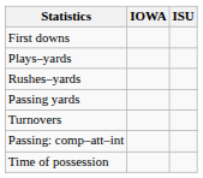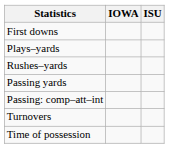 <table class="wikitable" style="float:left">
 <tr>
 <th>Statistics</th>
 <th>IOWA</th>
 <th>ISU</th>
 </tr>
 <tr>
 <td>First downs</td>
 <td></td>
 <td></td>
 </tr>
 <tr>
 <td>Plays–yards</td>
 <td></td>
 <td></td>
 </tr>
 <tr>
 <td>Rushes–yards</td>
 <td></td>
 <td></td>
 </tr>
 <tr>
 <td>Passing yards</td>
 <td></td>
 <td></td>
 </tr>
 <tr>
-<td>Turnovers</td>
+<td>Passing: comp–att–int</td>
 <td></td>
 <td></td>
 </tr>
 <tr>
-<td>Passing: comp–att–int</td>
+<td>Turnovers</td>
 <td></td>
 <td></td>
 </tr>
 <tr>
 <td>Time of possession</td>
 <td></td>
 <td></td>
 </tr>
 </table>
